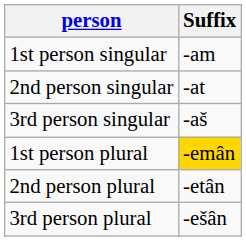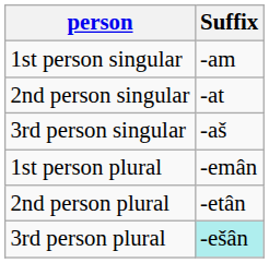 <table class="wikitable">
 <tr>
 <th><a href='#'>person</a></th>
 <th>Suffix</th>
 </tr>
 <tr>
 <td>1st person singular</td>
 <td>-am</td>
 </tr>
 <tr>
 <td>2nd person singular</td>
 <td>-at</td>
 </tr>
 <tr>
 <td>3rd person singular</td>
 <td>-aš</td>
 </tr>
 <tr>
 <td>1st person plural</td>
-<td style="background: gold;">-emân</td>
+<td>-emân</td>
 </tr>
 <tr>
 <td>2nd person plural</td>
 <td>-etân</td>
 </tr>
 <tr>
 <td>3rd person plural</td>
-<td>-ešân</td>
+<td style="background: paleturquoise;">-ešân</td>
 </tr>
 </table>
